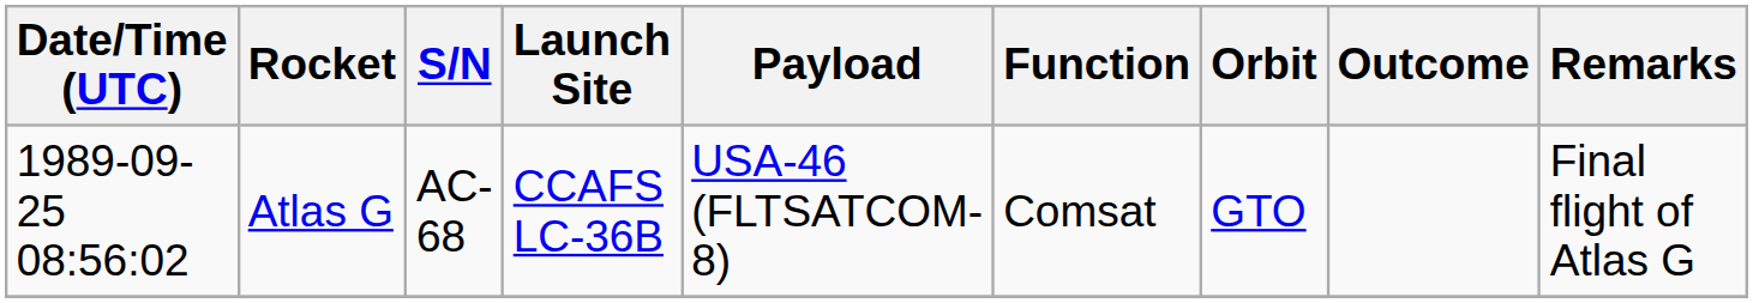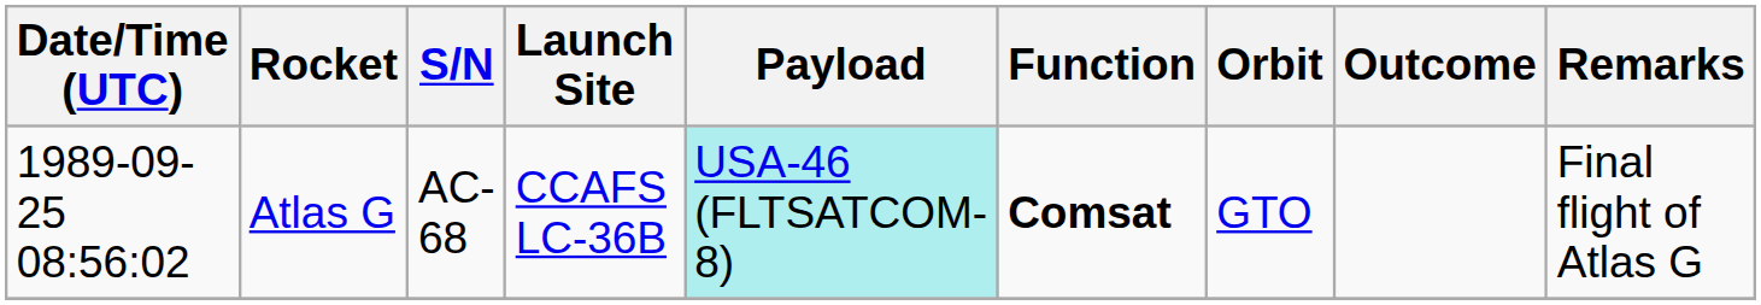 <table class="wikitable" style="margin: 1em 1em 1em 0";>
 <tr>
 <th>Date/Time<br>(<a href='#'>UTC</a>)</th>
 <th>Rocket</th>
 <th><a href='#'>S/N</a></th>
 <th>Launch Site</th>
 <th>Payload</th>
 <th>Function</th>
 <th>Orbit</th>
 <th>Outcome</th>
 <th>Remarks</th>
 </tr>
 <tr>
 <td>1989-09-25<br>08:56:02</td>
 <td><a href='#'>Atlas G</a></td>
 <td>AC-68</td>
 <td><a href='#'>CCAFS</a> <a href='#'>LC-36B</a></td>
-<td><a href='#'>USA-46</a> (FLTSATCOM-8)</td>
-<td>Comsat</td>
+<td style="background: paleturquoise;"><a href='#'>USA-46</a> (FLTSATCOM-8)</td>
+<td><strong>Comsat</strong></td>
 <td><a href='#'>GTO</a></td>
 <td></td>
 <td>Final flight of Atlas G</td>
 </tr>
 <tr>
 </tr>
 </table>
